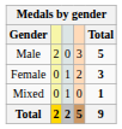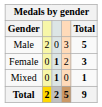 <table class=wikitable style=font-size:85%;float:right;text-align:center>
 <tr>
 <th colspan=5>Medals by gender</th>
 </tr>
 <tr>
 <th>Gender</th>
 <td bgcolor=F7F6A8></td>
 <td bgcolor=DCE5E5></td>
 <td bgcolor=FFDAB9></td>
 <th>Total</th>
 </tr>
 <tr>
 <td>Male</td>
 <td bgcolor=F7F6A8>2</td>
 <td bgcolor=DCE5E5>0</td>
 <td bgcolor=FFDAB9>3</td>
 <td><strong>5</strong></td>
 </tr>
 <tr>
 <td>Female</td>
 <td bgcolor=F7F6A8>0</td>
-<td bgcolor=DCE5E5>1</td>
+<td bgcolor=DCE5E5><strong>1</strong></td>
 <td bgcolor=FFDAB9>2</td>
 <td><strong>3</strong></td>
 </tr>
 <tr>
 <td>Mixed</td>
 <td bgcolor=F7F6A8>0</td>
-<td bgcolor=DCE5E5>1</td>
+<td bgcolor=DCE5E5><strong>1</strong></td>
 <td bgcolor=FFDAB9>0</td>
 <td><strong>1</strong></td>
 </tr>
 <tr>
 <th>Total</th>
 <th style=background:gold>2</th>
 <th style=background:silver>2</th>
 <th style=background:#c96>5</th>
 <th>9</th>
 </tr>
 </table>
